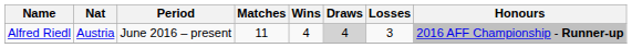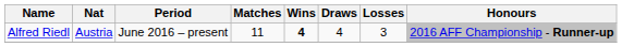 <table class="wikitable">
 <tr>
 <th>Name</th>
 <th>Nat</th>
 <th>Period</th>
 <th>Matches</th>
 <th>Wins</th>
 <th>Draws</th>
 <th>Losses</th>
 <th>Honours</th>
 </tr>
 <tr>
 <td><a href='#'>Alfred Riedl</a></td>
 <td align="center"> <a href='#'>Austria</a></td>
 <td align="center">June 2016 – present</td>
 <td align="center">11</td>
+<td align="center"><strong>4</strong></td>
 <td align="center">4</td>
-<td align="center" style="background: lightgrey;">4</td>
 <td align="center">3</td>
 <td style=background:silver><a href='#'>2016 AFF Championship</a> - <strong>Runner-up</strong></td>
 </tr>
 <tr>
 </tr>
 </table>
